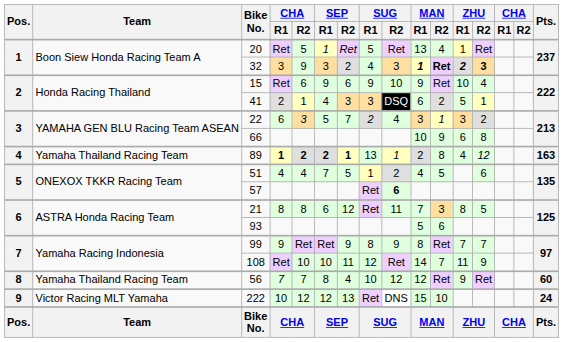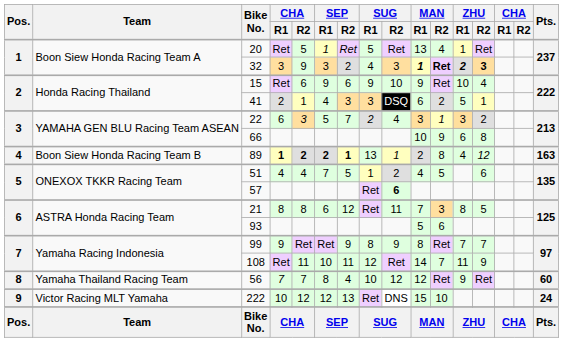 <table class="wikitable" style="font-size:85%; text-align:center;">
 <tr>
 <th rowspan=2>Pos.</th>
 <th rowspan=2>Team</th>
 <th rowspan=2>Bike<br>No.</th>
 <th colspan=2><a href='#'>CHA</a><br></th>
 <th colspan=2><a href='#'>SEP</a><br></th>
 <th colspan=2><a href='#'>SUG</a><br></th>
 <th colspan=2><a href='#'>MAN</a><br></th>
 <th colspan=2><a href='#'>ZHU</a><br></th>
 <th colspan=2><a href='#'>CHA</a><br></th>
 <th rowspan=2>Pts.</th>
 </tr>
 <tr>
 <th>R1</th>
 <th>R2</th>
 <th>R1</th>
 <th>R2</th>
 <th>R1</th>
 <th>R2</th>
 <th>R1</th>
 <th>R2</th>
 <th>R1</th>
 <th>R2</th>
 <th>R1</th>
 <th>R2</th>
 </tr>
 <tr style="border-top:2px solid #aaaaaa">
 <th rowspan=2>1</th>
 <td rowspan=2 align=left>Boon Siew Honda Racing Team A</td>
 <td>20</td>
 <td style="background:#efcfff;">Ret</td>
 <td style="background:#dfffdf;">5</td>
 <td style="background:#ffffbf;"><em>1</em></td>
 <td style="background:#efcfff;"><em>Ret</em></td>
 <td style="background:#dfffdf;">5</td>
 <td style="background:#efcfff;">Ret</td>
 <td style="background:#dfffdf;">13</td>
 <td style="background:#dfffdf;">4</td>
 <td style="background:#ffffbf;">1</td>
 <td style="background:#efcfff;">Ret</td>
 <td style="background:#;"></td>
 <td style="background:#;"></td>
 <th rowspan=2>237</th>
 </tr>
 <tr>
 <td>32</td>
 <td style="background:#ffdf9f;">3</td>
 <td style="background:#dfffdf;">9</td>
 <td style="background:#ffdf9f;">3</td>
 <td style="background:#dfdfdf;">2</td>
 <td style="background:#dfffdf;">4</td>
 <td style="background:#ffdf9f;">3</td>
 <td style="background:#ffffbf;"><strong><em>1</em></strong></td>
 <td style="background:#efcfff;"><strong>Ret</strong></td>
 <td style="background:#dfdfdf;"><strong><em>2</em></strong></td>
 <td style="background:#ffdf9f;"><strong>3</strong></td>
 <td style="background:#;"></td>
 <td style="background:#;"></td>
 </tr>
 <tr style="border-top:2px solid #aaaaaa">
 <th rowspan=2>2</th>
 <td rowspan=2 align=left>Honda Racing Thailand</td>
 <td>15</td>
 <td style="background:#efcfff;">Ret</td>
 <td style="background:#dfffdf;">6</td>
 <td style="background:#dfffdf;">9</td>
 <td style="background:#dfffdf;">6</td>
 <td style="background:#dfffdf;">9</td>
 <td style="background:#dfffdf;">10</td>
 <td style="background:#dfffdf;">9</td>
 <td style="background:#efcfff;">Ret</td>
 <td style="background:#dfffdf;">10</td>
 <td style="background:#dfffdf;">4</td>
 <td style="background:#;"></td>
 <td style="background:#;"></td>
 <th rowspan=2>222</th>
 </tr>
 <tr>
 <td>41</td>
 <td style="background:#dfdfdf;">2</td>
 <td style="background:#ffffbf;">1</td>
 <td style="background:#dfffdf;">4</td>
 <td style="background:#ffdf9f;">3</td>
 <td style="background:#ffdf9f;">3</td>
 <td style="background:#000000; letter-spacing:0px; color:white">DSQ</td>
 <td style="background:#dfffdf;">6</td>
 <td style="background:#dfdfdf;">2</td>
 <td style="background:#dfffdf;">5</td>
 <td style="background:#ffffbf;">1</td>
 <td style="background:#;"></td>
 <td style="background:#;"></td>
 </tr>
 <tr style="border-top:2px solid #aaaaaa">
 <th rowspan=2>3</th>
 <td rowspan=2 align=left>YAMAHA GEN BLU Racing Team ASEAN</td>
 <td>22</td>
 <td style="background:#dfffdf;">6</td>
 <td style="background:#ffdf9f;"><em>3</em></td>
 <td style="background:#dfffdf;">5</td>
 <td style="background:#dfffdf;">7</td>
 <td style="background:#dfdfdf;"><em>2</em></td>
 <td style="background:#dfffdf;">4</td>
 <td style="background:#ffdf9d;">3</td>
 <td style="background:#ffffbf;"><em>1</em></td>
 <td style="background:#ffdf9d;">3</td>
 <td style="background:#dfdfdf;">2</td>
 <td style="background:#;"></td>
 <td style="background:#;"></td>
 <th rowspan=2>213</th>
 </tr>
 <tr>
 <td>66</td>
 <td style="background:#;"></td>
 <td style="background:#;"></td>
 <td style="background:#;"></td>
 <td style="background:#;"></td>
 <td style="background:#;"></td>
 <td style="background:#;"></td>
 <td style="background:#dfffdf;">10</td>
 <td style="background:#dfffdf;">9</td>
 <td style="background:#dfffdf;">6</td>
 <td style="background:#dfffdf;">8</td>
 <td style="background:#;"></td>
 <td style="background:#;"></td>
 </tr>
 <tr style="border-top:2px solid #aaaaaa">
 <th>4</th>
-<td align=left>Yamaha Thailand Racing Team</td>
+<td align=left>Boon Siew Honda Racing Team B</td>
 <td>89</td>
 <td style="background:#ffffbf;"><strong>1</strong></td>
 <td style="background:#dfdfdf;"><strong>2</strong></td>
 <td style="background:#dfdfdf;"><strong>2</strong></td>
 <td style="background:#ffffbf;"><strong>1</strong></td>
 <td style="background:#dfffdf;">13</td>
 <td style="background:#ffffbf;"><em>1</em></td>
 <td style="background:#dfdfdf;">2</td>
 <td style="background:#dfffdf;">8</td>
 <td style="background:#dfffdf;">4</td>
 <td style="background:#dfffdf;"><em>12</em></td>
 <td style="background:#;"></td>
 <td style="background:#;"></td>
 <th>163</th>
 </tr>
 <tr style="border-top:2px solid #aaaaaa">
 <th rowspan=2>5</th>
 <td rowspan=2 align=left>ONEXOX TKKR Racing Team</td>
 <td>51</td>
 <td style="background:#dfffdf;">4</td>
 <td style="background:#dfffdf;">4</td>
 <td style="background:#dfffdf;">7</td>
 <td style="background:#dfffdf;">5</td>
 <td style="background:#ffffbf;">1</td>
 <td style="background:#dfdfdf;">2</td>
 <td style="background:#dfffdf;">4</td>
 <td style="background:#dfffdf;">5</td>
 <td style="background:#;"></td>
 <td style="background:#dfffdf;">6</td>
 <td style="background:#;"></td>
 <td style="background:#;"></td>
 <th rowspan=2>135</th>
 </tr>
 <tr>
 <td>57</td>
 <td style="background:#;"></td>
 <td style="background:#;"></td>
 <td style="background:#;"></td>
 <td style="background:#;"></td>
 <td style="background:#efcfff;">Ret</td>
 <td style="background:#dfffdf;"><strong>6</strong></td>
 <td style="background:#;"></td>
 <td style="background:#;"></td>
 <td style="background:#;"></td>
 <td style="background:#;"></td>
 <td style="background:#;"></td>
 <td style="background:#;"></td>
 </tr>
 <tr style="border-top:2px solid #aaaaaa">
 <th rowspan=2>6</th>
 <td rowspan=2 align=left>ASTRA Honda Racing Team</td>
 <td>21</td>
 <td style="background:#dfffdf;">8</td>
 <td style="background:#dfffdf;">8</td>
 <td style="background:#dfffdf;">6</td>
 <td style="background:#dfffdf;">12</td>
 <td style="background:#efcfff;">Ret</td>
 <td style="background:#dfffdf;">11</td>
 <td style="background:#dfffdf;">7</td>
 <td style="background:#ffdf9f;">3</td>
 <td style="background:#dfffdf;">8</td>
 <td style="background:#dfffdf;">5</td>
 <td style="background:#;"></td>
 <td style="background:#;"></td>
 <th rowspan=2>125</th>
 </tr>
 <tr>
 <td>93</td>
 <td style="background:#;"></td>
 <td style="background:#;"></td>
 <td style="background:#;"></td>
 <td style="background:#;"></td>
 <td style="background:#;"></td>
 <td style="background:#;"></td>
 <td style="background:#dfffdf;">5</td>
 <td style="background:#dfffdf;">6</td>
 <td style="background:#;"></td>
 <td style="background:#;"></td>
 <td style="background:#;"></td>
 <td style="background:#;"></td>
 </tr>
 <tr style="border-top:2px solid #aaaaaa">
 <th rowspan=2>7</th>
 <td rowspan=2 align=left>Yamaha Racing Indonesia</td>
 <td>99</td>
 <td style="background:#dfffdf;">9</td>
 <td style="background:#efcfff;">Ret</td>
 <td style="background:#efcfff;">Ret</td>
 <td style="background:#dfffdf;">9</td>
 <td style="background:#dfffdf;">8</td>
 <td style="background:#dfffdf;">9</td>
 <td style="background:#dfffdf;">8</td>
 <td style="background:#efcfff;">Ret</td>
 <td style="background:#dfffdf;">7</td>
 <td style="background:#dfffdf;">7</td>
 <td style="background:#;"></td>
 <td style="background:#;"></td>
 <th rowspan=2>97</th>
 </tr>
 <tr>
 <td>108</td>
 <td style="background:#efcfff;">Ret</td>
-<td style="background:#dfffdf;">10</td>
+<td style="background:#dfffdf;">11</td>
 <td style="background:#dfffdf;">10</td>
 <td style="background:#dfffdf;">11</td>
 <td style="background:#dfffdf;">12</td>
 <td style="background:#efcfff;">Ret</td>
 <td style="background:#dfffdf;">14</td>
 <td style="background:#dfffdf;">7</td>
 <td style="background:#dfffdf;">11</td>
 <td style="background:#dfffdf;">9</td>
 <td style="background:#;"></td>
 <td style="background:#;"></td>
 </tr>
 <tr style="border-top:2px solid #aaaaaa">
 <th>8</th>
 <td align=left>Yamaha Thailand Racing Team</td>
 <td>56</td>
 <td style="background:#dfffdf;"><em>7</em></td>
 <td style="background:#dfffdf;">7</td>
 <td style="background:#dfffdf;">8</td>
 <td style="background:#dfffdf;">4</td>
 <td style="background:#dfffdf;">10</td>
 <td style="background:#dfffdf;">12</td>
 <td style="background:#dfffdf;">12</td>
 <td style="background:#efcfff;">Ret</td>
 <td style="background:#dfffdf;">9</td>
 <td style="background:#efcfff;">Ret</td>
 <td style="background:#;"></td>
 <td style="background:#;"></td>
 <th>60</th>
 </tr>
 <tr style="border-top:2px solid #aaaaaa">
 <th>9</th>
 <td align=left>Victor Racing MLT Yamaha</td>
 <td>222</td>
 <td style="background:#dfffdf;">10</td>
 <td style="background:#dfffdf;">12</td>
 <td style="background:#dfffdf;">12</td>
 <td style="background:#dfffdf;">13</td>
 <td style="background:#efcfff;">Ret</td>
 <td style="background:#ffffff;">DNS</td>
 <td style="background:#dfffdf;">15</td>
 <td style="background:#dfffdf;">10</td>
 <td style="background:#;"></td>
 <td style="background:#;"></td>
 <td style="background:#;"></td>
 <td style="background:#;"></td>
 <th>24</th>
 </tr>
 <tr style="border-top:2px solid #aaaaaa">
 <th>Pos.</th>
 <th>Team</th>
 <th>Bike<br>No.</th>
 <th colspan=2><a href='#'>CHA</a><br></th>
 <th colspan=2><a href='#'>SEP</a><br></th>
 <th colspan=2><a href='#'>SUG</a><br></th>
 <th colspan=2><a href='#'>MAN</a><br></th>
 <th colspan=2><a href='#'>ZHU</a><br></th>
 <th colspan=2><a href='#'>CHA</a><br></th>
 <th rowspan=2>Pts.</th>
 </tr>
 </table>
